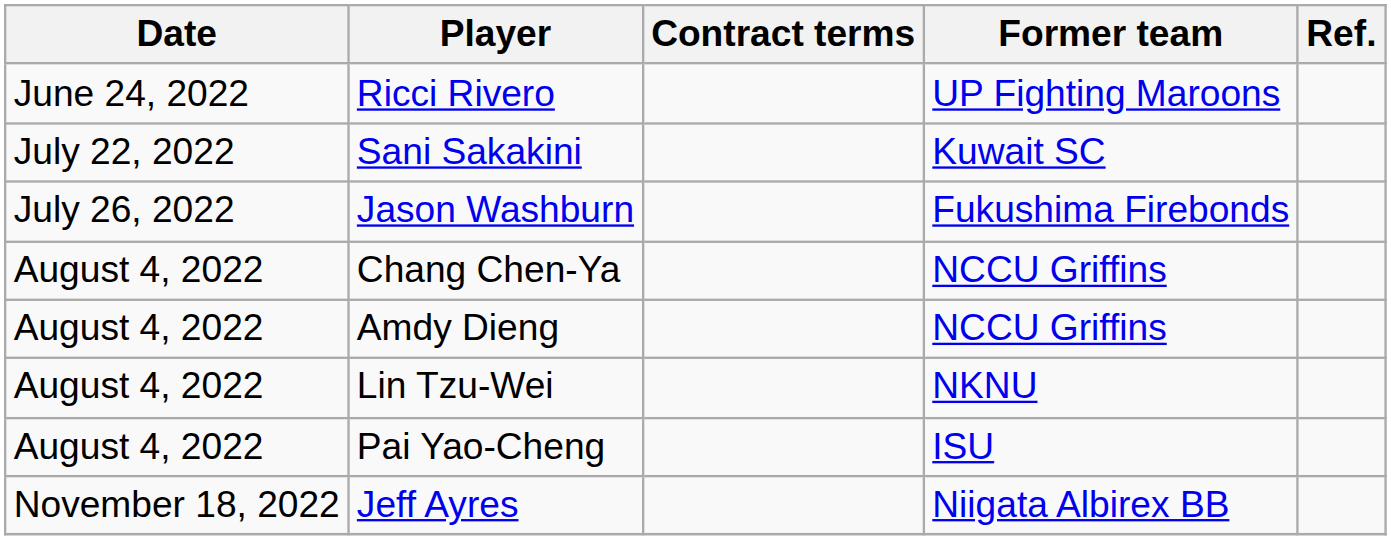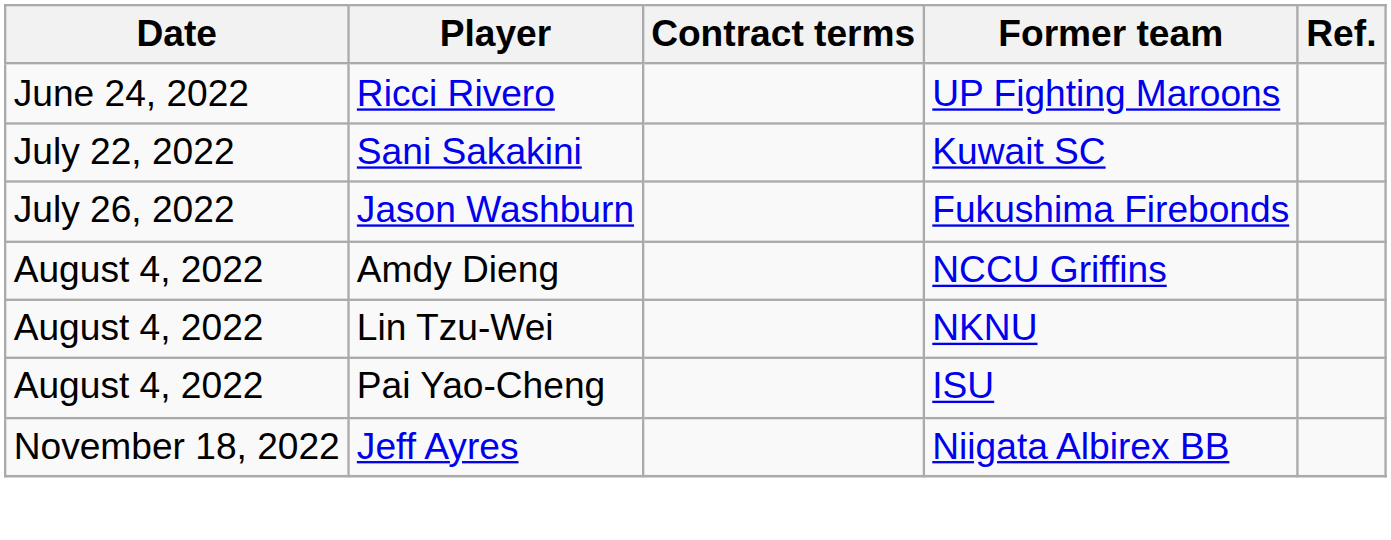 <table class="wikitable sortable sortable">
 <tr>
 <th>Date</th>
 <th>Player</th>
 <th>Contract terms</th>
 <th>Former team</th>
 <th>Ref.</th>
 </tr>
 <tr>
 <td>June 24, 2022</td>
 <td><a href='#'>Ricci Rivero</a></td>
 <td></td>
 <td><a href='#'>UP Fighting Maroons</a></td>
 <td></td>
 </tr>
 <tr>
 <td>July 22, 2022</td>
 <td><a href='#'>Sani Sakakini</a></td>
 <td></td>
 <td><a href='#'>Kuwait SC</a></td>
 <td></td>
 </tr>
 <tr>
 <td>July 26, 2022</td>
 <td><a href='#'>Jason Washburn</a></td>
 <td></td>
 <td><a href='#'>Fukushima Firebonds</a></td>
-<td></td>
-</tr>
-<tr>
-<td>August 4, 2022</td>
-<td>Chang Chen-Ya</td>
-<td></td>
-<td><a href='#'>NCCU Griffins</a></td>
 <td></td>
 </tr>
 <tr>
 <td>August 4, 2022</td>
 <td>Amdy Dieng</td>
 <td></td>
 <td><a href='#'>NCCU Griffins</a></td>
 <td></td>
 </tr>
 <tr>
 <td>August 4, 2022</td>
 <td>Lin Tzu-Wei</td>
 <td></td>
 <td><a href='#'>NKNU</a></td>
 <td></td>
 </tr>
 <tr>
 <td>August 4, 2022</td>
 <td>Pai Yao-Cheng</td>
 <td></td>
 <td><a href='#'>ISU</a></td>
 <td></td>
 </tr>
 <tr>
 <td>November 18, 2022</td>
 <td><a href='#'>Jeff Ayres</a></td>
 <td></td>
 <td><a href='#'>Niigata Albirex BB</a></td>
 <td></td>
 </tr>
 <tr>
 </tr>
 </table>
